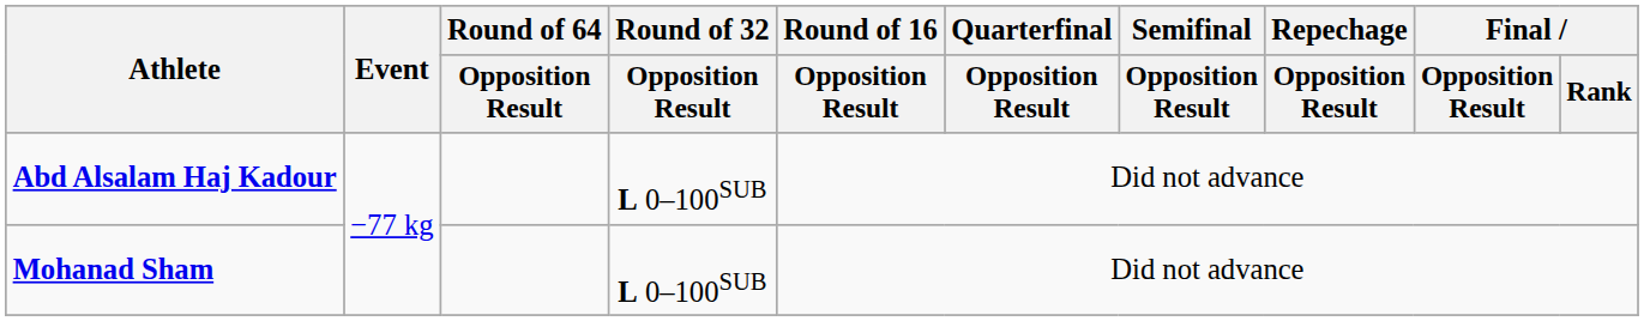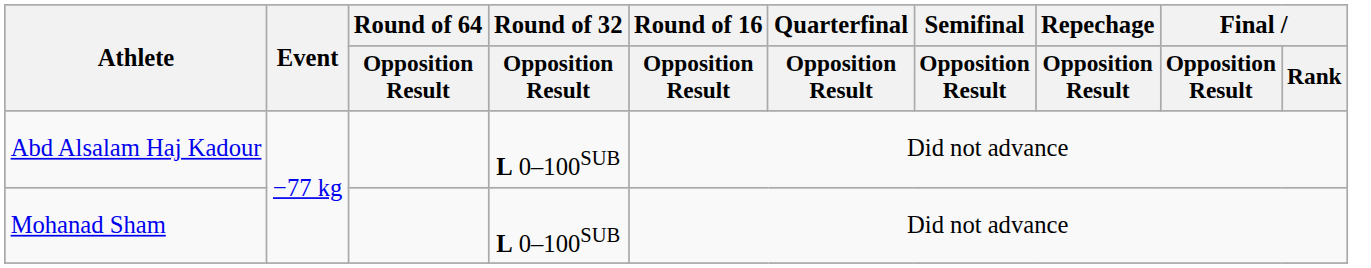 <table class=wikitable style=font-size:90%;text-align:center>
 <tr>
 <th rowspan="2">Athlete</th>
 <th rowspan="2">Event</th>
 <th>Round of 64</th>
 <th>Round of 32</th>
 <th>Round of 16</th>
 <th>Quarterfinal</th>
 <th>Semifinal</th>
 <th>Repechage</th>
 <th colspan=2>Final / </th>
 </tr>
 <tr style="font-size: 95%">
 <th>Opposition<br>Result</th>
 <th>Opposition<br>Result</th>
 <th>Opposition<br>Result</th>
 <th>Opposition<br>Result</th>
 <th>Opposition<br>Result</th>
 <th>Opposition<br>Result</th>
 <th>Opposition<br>Result</th>
 <th>Rank</th>
 </tr>
 <tr>
-<td align=left><strong><a href='#'>Abd Alsalam Haj Kadour</a></strong></td>
+<td align=left><a href='#'>Abd Alsalam Haj Kadour</a></td>
 <td align=left rowspan=2><a href='#'>−77 kg</a></td>
 <td></td>
 <td><br><strong>L</strong> 0–100<sup>SUB</sup></td>
 <td colspan=6>Did not advance</td>
 </tr>
 <tr>
-<td align=left><strong><a href='#'>Mohanad Sham</a></strong></td>
+<td align=left><a href='#'>Mohanad Sham</a></td>
 <td></td>
 <td><br><strong>L</strong> 0–100<sup>SUB</sup></td>
 <td colspan=6>Did not advance</td>
 </tr>
 </table>
